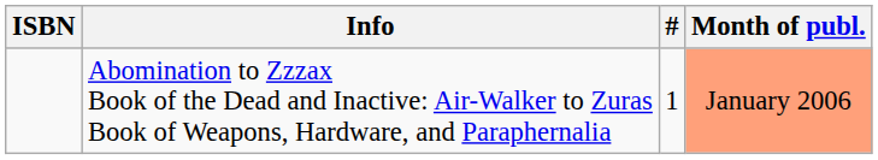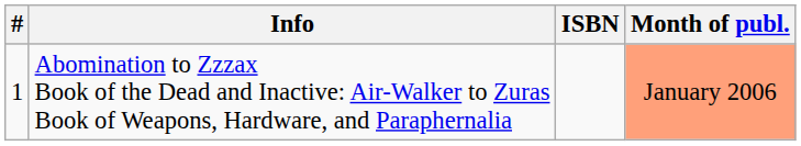 <table class="wikitable">
 <tr>
+<th>#</th>
+<th>Info</th>
 <th>ISBN</th>
-<th>Info</th>
-<th>#</th>
 <th>Month of <a href='#'>publ.</a></th>
 </tr>
 <tr align="center">
+<td>1</td>
+<td align="left"><a href='#'>Abomination</a> to <a href='#'>Zzzax</a><br>Book of the Dead and Inactive: <a href='#'>Air-Walker</a> to <a href='#'>Zuras</a><br>Book of Weapons, Hardware, and <a href='#'>Paraphernalia</a></td>
 <td></td>
-<td align="left"><a href='#'>Abomination</a> to <a href='#'>Zzzax</a><br>Book of the Dead and Inactive: <a href='#'>Air-Walker</a> to <a href='#'>Zuras</a><br>Book of Weapons, Hardware, and <a href='#'>Paraphernalia</a></td>
-<td>1</td>
 <td style="background: lightsalmon;">January 2006</td>
 </tr>
 </table>
